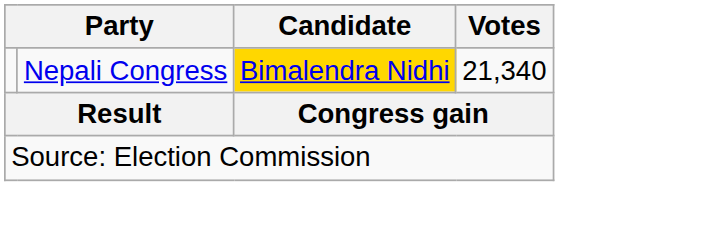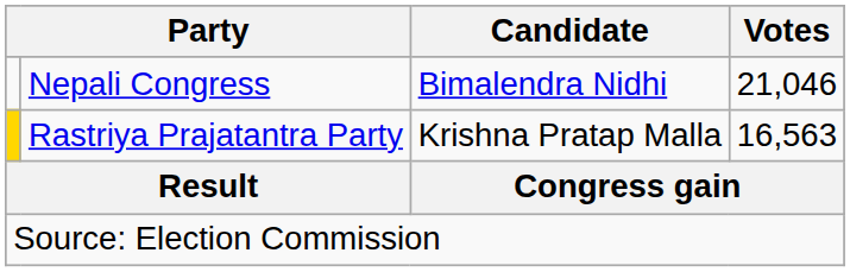 <table class="wikitable">
 <tr>
 <th colspan="2">Party</th>
 <th>Candidate</th>
 <th>Votes</th>
 </tr>
 <tr>
 <td style="background-color:"></td>
 <td><a href='#'>Nepali Congress</a></td>
-<td style="background: gold;"><a href='#'>Bimalendra Nidhi</a></td>
-<td>21,340</td>
+<td><a href='#'>Bimalendra Nidhi</a></td>
+<td>21,046</td>
+</tr>
+<tr>
+<td style="background-color:gold"></td>
+<td><a href='#'>Rastriya Prajatantra Party</a></td>
+<td>Krishna Pratap Malla</td>
+<td>16,563</td>
 </tr>
 <tr>
 <th colspan="2">Result</th>
 <th colspan="2">Congress gain</th>
 </tr>
 <tr>
 <td colspan="4">Source: Election Commission</td>
 </tr>
 </table>
